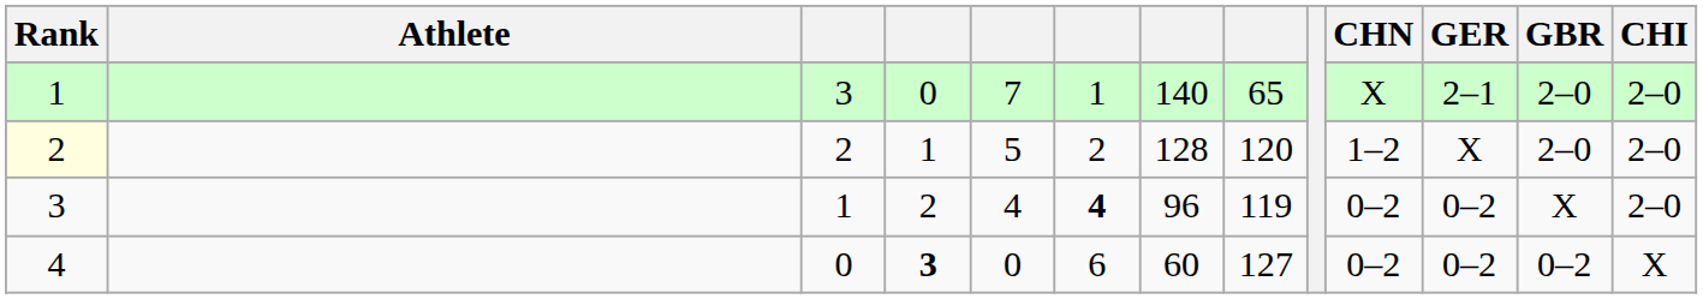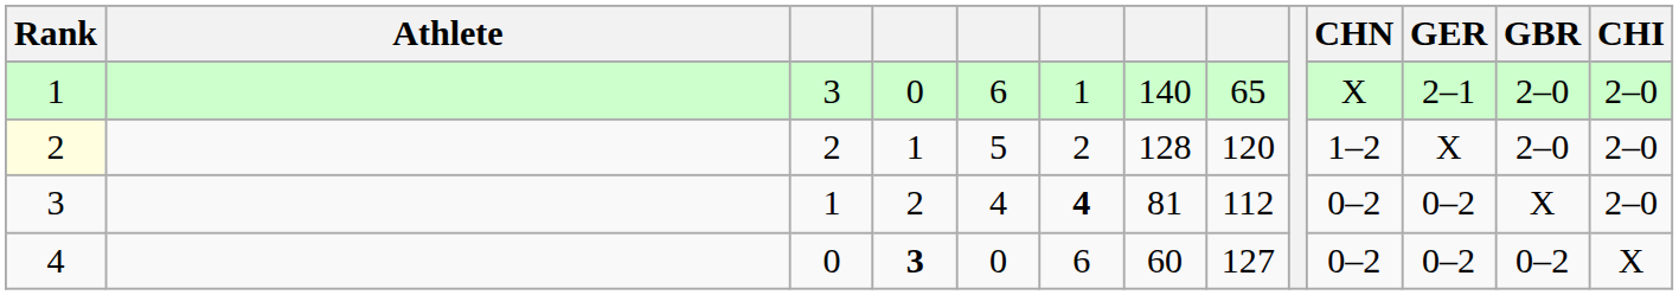 <table class="wikitable" style="text-align:center">
 <tr>
 <th>Rank</th>
 <th width=300>Athlete</th>
 <th width=30></th>
 <th width=30></th>
 <th width=30></th>
 <th width=30></th>
 <th width=30></th>
 <th width=30></th>
 <th rowspan=5></th>
 <th width=30>CHN</th>
 <th width=30>GER</th>
 <th width=30>GBR</th>
 <th width=30>CHI</th>
 </tr>
 <tr style="background-color:#ccffcc;">
 <td>1</td>
 <td align=left></td>
 <td>3</td>
 <td>0</td>
-<td>7</td>
+<td>6</td>
 <td>1</td>
 <td>140</td>
 <td>65</td>
 <td>X</td>
 <td>2–1</td>
 <td>2–0</td>
 <td>2–0</td>
 </tr>
 <tr>
 <td style="background: lightyellow;">2</td>
 <td align=left></td>
 <td>2</td>
 <td>1</td>
 <td>5</td>
 <td>2</td>
 <td>128</td>
 <td>120</td>
 <td>1–2</td>
 <td>X</td>
 <td>2–0</td>
 <td>2–0</td>
 </tr>
 <tr>
 <td>3</td>
 <td align=left></td>
 <td>1</td>
 <td>2</td>
 <td>4</td>
 <td><strong>4</strong></td>
-<td>96</td>
-<td>119</td>
+<td>81</td>
+<td>112</td>
 <td>0–2</td>
 <td>0–2</td>
 <td>X</td>
 <td>2–0</td>
 </tr>
 <tr>
 <td>4</td>
 <td align=left></td>
 <td>0</td>
 <td><strong>3</strong></td>
 <td>0</td>
 <td>6</td>
 <td>60</td>
 <td>127</td>
 <td>0–2</td>
 <td>0–2</td>
 <td>0–2</td>
 <td>X</td>
 </tr>
 </table>
